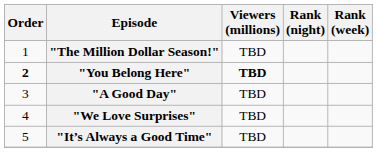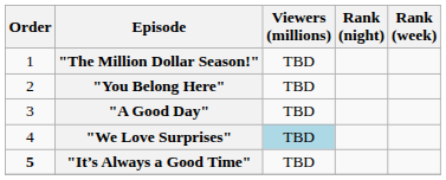 <table class="wikitable plainrowheaders sortable" style="text-align:center;">
 <tr>
 <th scope="col">Order</th>
 <th scope="col">Episode</th>
 <th scope="col">Viewers<br>(millions)</th>
 <th scope="col">Rank<br>(night)</th>
 <th scope="col">Rank<br>(week)</th>
 </tr>
 <tr>
 <td>1</td>
 <th scope="row" align=left>"The Million Dollar Season!"</th>
 <td>TBD</td>
 <td></td>
 <td></td>
 </tr>
 <tr>
-<td><strong>2</strong></td>
+<td>2</td>
 <th scope="row" align=left>"You Belong Here"</th>
-<td><strong>TBD</strong></td>
+<td>TBD</td>
 <td></td>
 <td></td>
 </tr>
 <tr>
 <td>3</td>
 <th scope="row" align=left>"A Good Day"</th>
 <td>TBD</td>
 <td></td>
 <td></td>
 </tr>
 <tr>
 <td>4</td>
 <th scope="row" align=left>"We Love Surprises"</th>
-<td>TBD</td>
+<td style="background: lightblue;">TBD</td>
 <td></td>
 <td></td>
 </tr>
 <tr>
-<td>5</td>
+<td><strong>5</strong></td>
 <th scope="row" align=left>"It’s Always a Good Time"</th>
 <td>TBD</td>
 <td></td>
 <td></td>
 </tr>
 <tr>
 </tr>
 </table>
